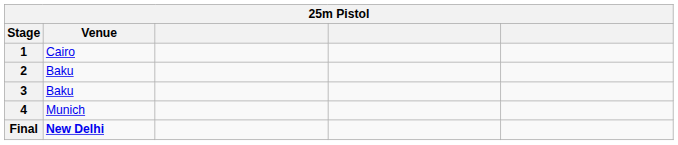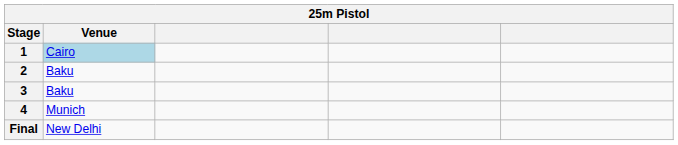 <table class="wikitable">
 <tr>
 <th colspan="5">25m Pistol</th>
 </tr>
 <tr>
 <th>Stage</th>
 <th width=140>Venue</th>
 <th width=220></th>
 <th width=220></th>
 <th width=220></th>
 </tr>
 <tr>
 <th>1</th>
-<td> <a href='#'>Cairo</a></td>
+<td style="background: lightblue;"> <a href='#'>Cairo</a></td>
 <td></td>
 <td></td>
 <td></td>
 </tr>
 <tr>
 <th>2</th>
 <td> <a href='#'>Baku</a></td>
 <td></td>
 <td></td>
 <td></td>
 </tr>
 <tr>
 <th>3</th>
 <td> <a href='#'>Baku</a></td>
 <td></td>
 <td></td>
 <td></td>
 </tr>
 <tr>
 <th>4</th>
 <td> <a href='#'>Munich</a></td>
 <td></td>
 <td></td>
 <td></td>
 </tr>
 <tr>
 <th>Final</th>
-<td><strong> <a href='#'>New Delhi</a></strong></td>
+<td> <a href='#'>New Delhi</a></td>
 <td></td>
 <td></td>
 <td> </td>
 </tr>
 </table>
